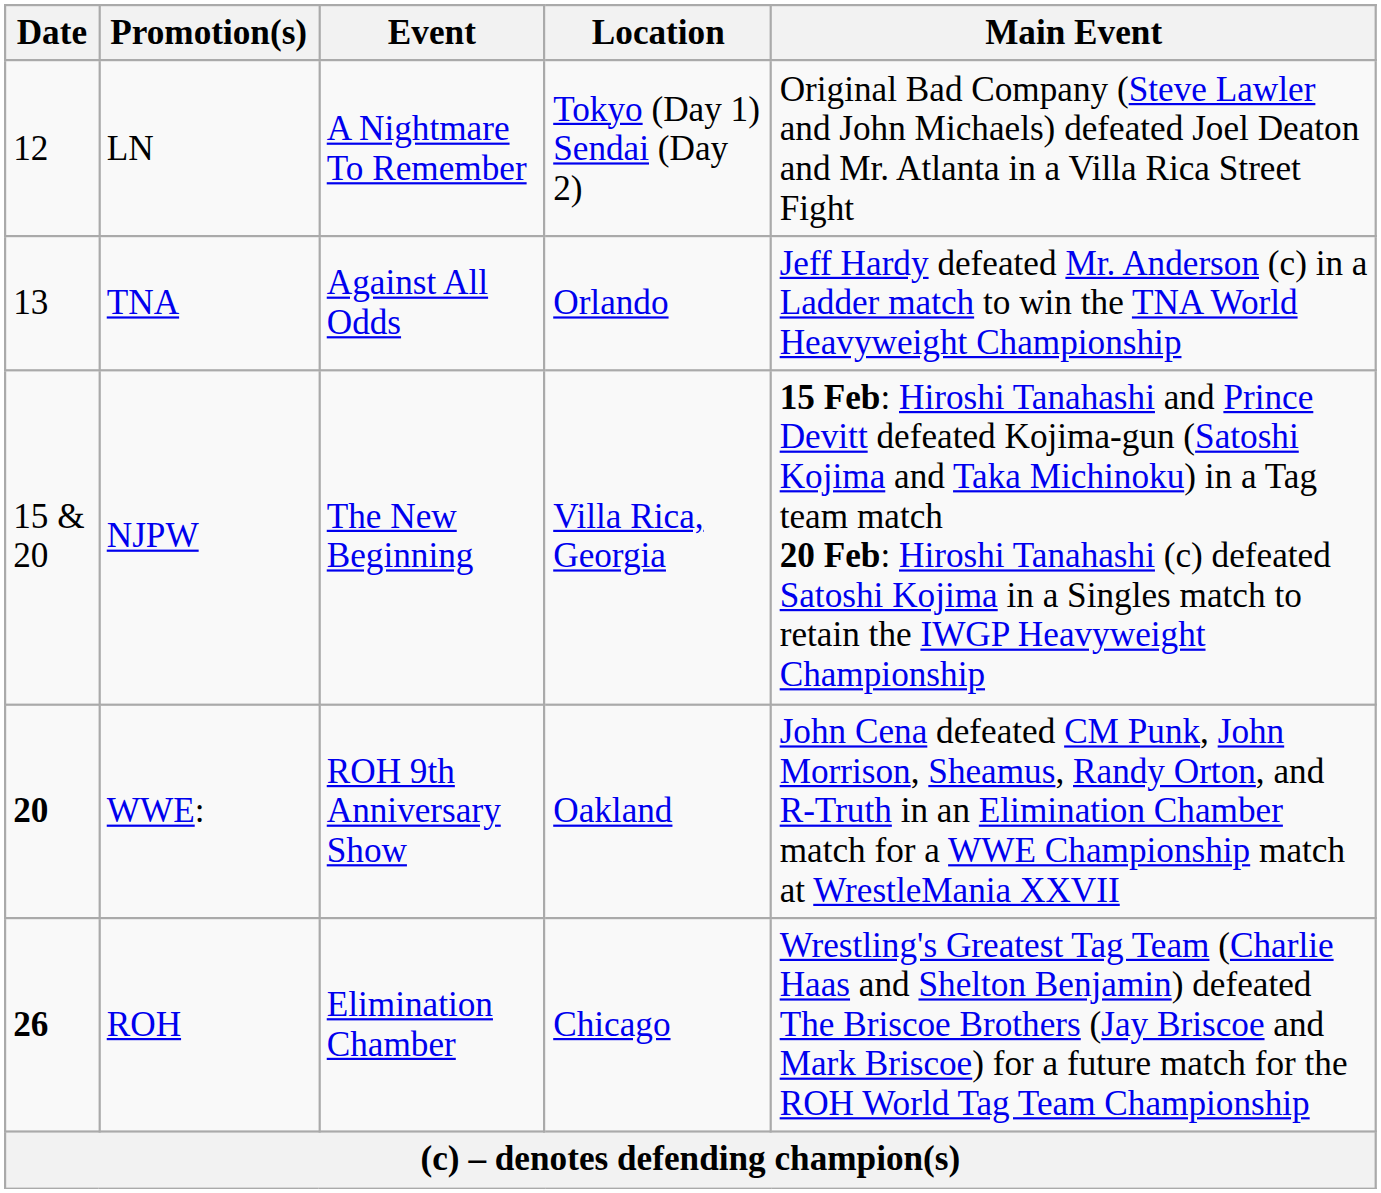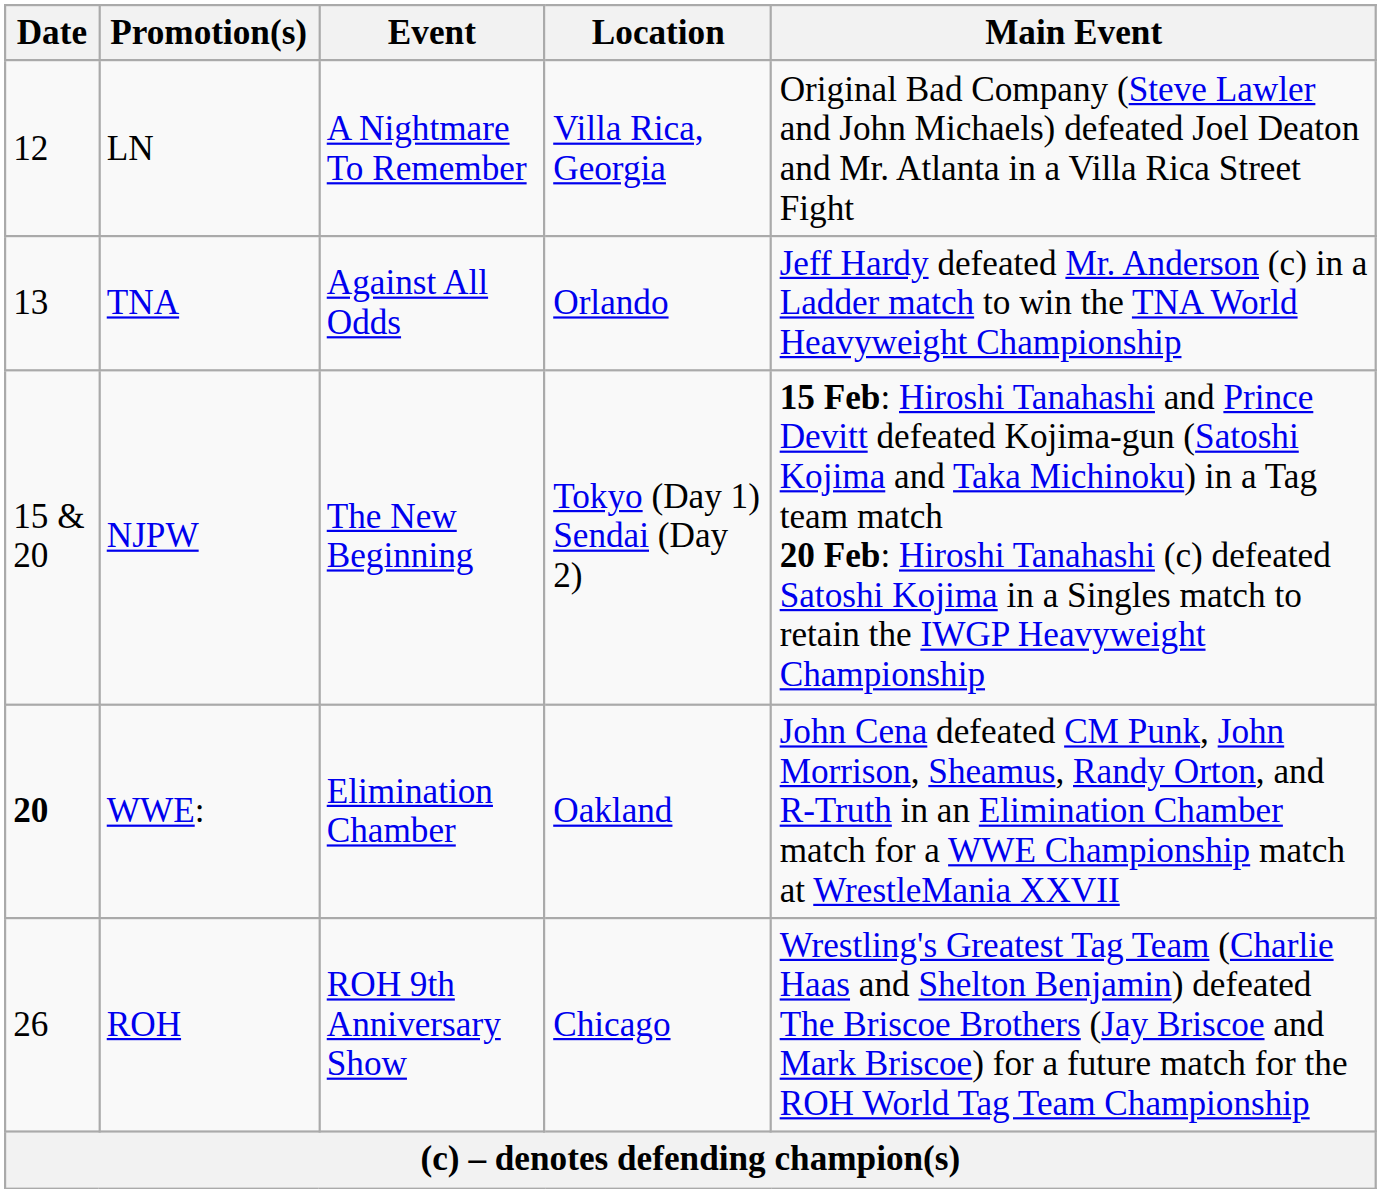 <table class="wikitable" style="width:100%;">
 <tr>
 <th width=5%>Date</th>
 <th width=5%>Promotion(s)</th>
 <th width=15%>Event</th>
 <th width=15%>Location</th>
 <th width=40%>Main Event</th>
 </tr>
 <tr>
 <td>12</td>
 <td>LN</td>
 <td><a href='#'>A Nightmare To Remember</a></td>
-<td><a href='#'>Tokyo</a> (Day 1)<br><a href='#'>Sendai</a> (Day 2)</td>
+<td><a href='#'>Villa Rica, Georgia</a></td>
 <td>Original Bad Company (<a href='#'>Steve Lawler</a> and John Michaels) defeated Joel Deaton and Mr. Atlanta in a Villa Rica Street Fight</td>
 </tr>
 <tr>
 <td>13</td>
 <td><a href='#'>TNA</a></td>
 <td><a href='#'>Against All Odds</a></td>
 <td><a href='#'>Orlando</a></td>
 <td><a href='#'>Jeff Hardy</a> defeated <a href='#'>Mr. Anderson</a> (c) in a <a href='#'>Ladder match</a> to win the <a href='#'>TNA World Heavyweight Championship</a></td>
 </tr>
 <tr>
 <td>15 & 20</td>
 <td><a href='#'>NJPW</a></td>
 <td><a href='#'>The New Beginning</a></td>
-<td><a href='#'>Villa Rica, Georgia</a></td>
+<td><a href='#'>Tokyo</a> (Day 1)<br><a href='#'>Sendai</a> (Day 2)</td>
 <td><strong>15 Feb</strong>: <a href='#'>Hiroshi Tanahashi</a> and <a href='#'>Prince Devitt</a> defeated Kojima-gun (<a href='#'>Satoshi Kojima</a> and <a href='#'>Taka Michinoku</a>) in a Tag team match<br><strong>20 Feb</strong>: <a href='#'>Hiroshi Tanahashi</a> (c) defeated <a href='#'>Satoshi Kojima</a> in a Singles match to retain the <a href='#'>IWGP Heavyweight Championship</a></td>
 </tr>
 <tr>
 <td><strong>20</strong></td>
 <td><a href='#'>WWE</a>:<br></td>
-<td><a href='#'>ROH 9th Anniversary Show</a></td>
+<td><a href='#'>Elimination Chamber</a></td>
 <td><a href='#'>Oakland</a></td>
 <td><a href='#'>John Cena</a> defeated <a href='#'>CM Punk</a>, <a href='#'>John Morrison</a>, <a href='#'>Sheamus</a>, <a href='#'>Randy Orton</a>, and <a href='#'>R-Truth</a> in an <a href='#'>Elimination Chamber</a> match for a <a href='#'>WWE Championship</a> match at <a href='#'>WrestleMania XXVII</a></td>
 </tr>
 <tr>
-<td><strong>26</strong></td>
+<td>26</td>
 <td><a href='#'>ROH</a></td>
-<td><a href='#'>Elimination Chamber</a></td>
+<td><a href='#'>ROH 9th Anniversary Show</a></td>
 <td><a href='#'>Chicago</a></td>
 <td><a href='#'>Wrestling's Greatest Tag Team</a> (<a href='#'>Charlie Haas</a> and <a href='#'>Shelton Benjamin</a>) defeated <a href='#'>The Briscoe Brothers</a> (<a href='#'>Jay Briscoe</a> and <a href='#'>Mark Briscoe</a>) for a future match for the <a href='#'>ROH World Tag Team Championship</a></td>
 </tr>
 <tr>
 <th colspan="6">(c) – denotes defending champion(s)</th>
 </tr>
 </table>
